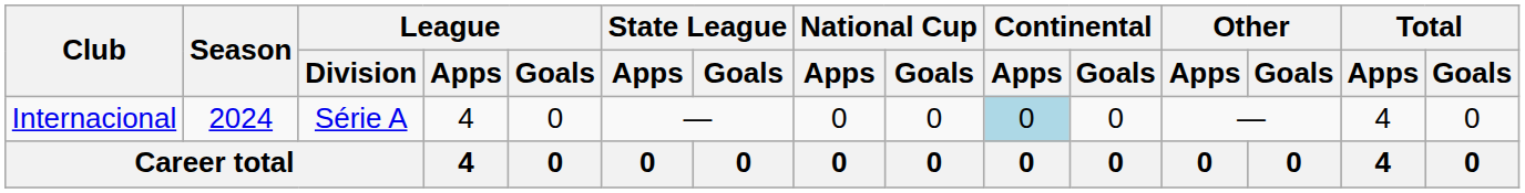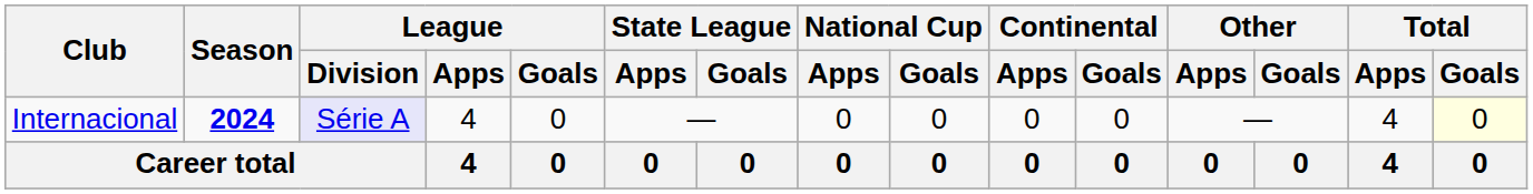 <table class="wikitable" style="text-align:center">
 <tr>
 <th rowspan="2">Club</th>
 <th rowspan="2">Season</th>
 <th colspan="3">League</th>
 <th colspan="2">State League</th>
 <th colspan="2">National Cup</th>
 <th colspan="2">Continental</th>
 <th colspan="2">Other</th>
 <th colspan="2">Total</th>
 </tr>
 <tr>
 <th>Division</th>
 <th>Apps</th>
 <th>Goals</th>
 <th>Apps</th>
 <th>Goals</th>
 <th>Apps</th>
 <th>Goals</th>
 <th>Apps</th>
 <th>Goals</th>
 <th>Apps</th>
 <th>Goals</th>
 <th>Apps</th>
 <th>Goals</th>
 </tr>
 <tr>
 <td><a href='#'>Internacional</a></td>
-<td><a href='#'>2024</a></td>
-<td><a href='#'>Série A</a></td>
+<td><strong><a href='#'>2024</a></strong></td>
+<td style="background: lavender;"><a href='#'>Série A</a></td>
 <td>4</td>
 <td>0</td>
 <td colspan="2">—</td>
 <td>0</td>
 <td>0</td>
-<td style="background: lightblue;">0</td>
+<td>0</td>
 <td>0</td>
 <td colspan="2">—</td>
 <td>4</td>
-<td>0</td>
+<td style="background: lightyellow;">0</td>
 </tr>
 <tr>
 <th colspan="3">Career total</th>
 <th>4</th>
 <th>0</th>
 <th>0</th>
 <th>0</th>
 <th>0</th>
 <th>0</th>
 <th>0</th>
 <th>0</th>
 <th>0</th>
 <th>0</th>
 <th>4</th>
 <th>0</th>
 </tr>
 </table>
